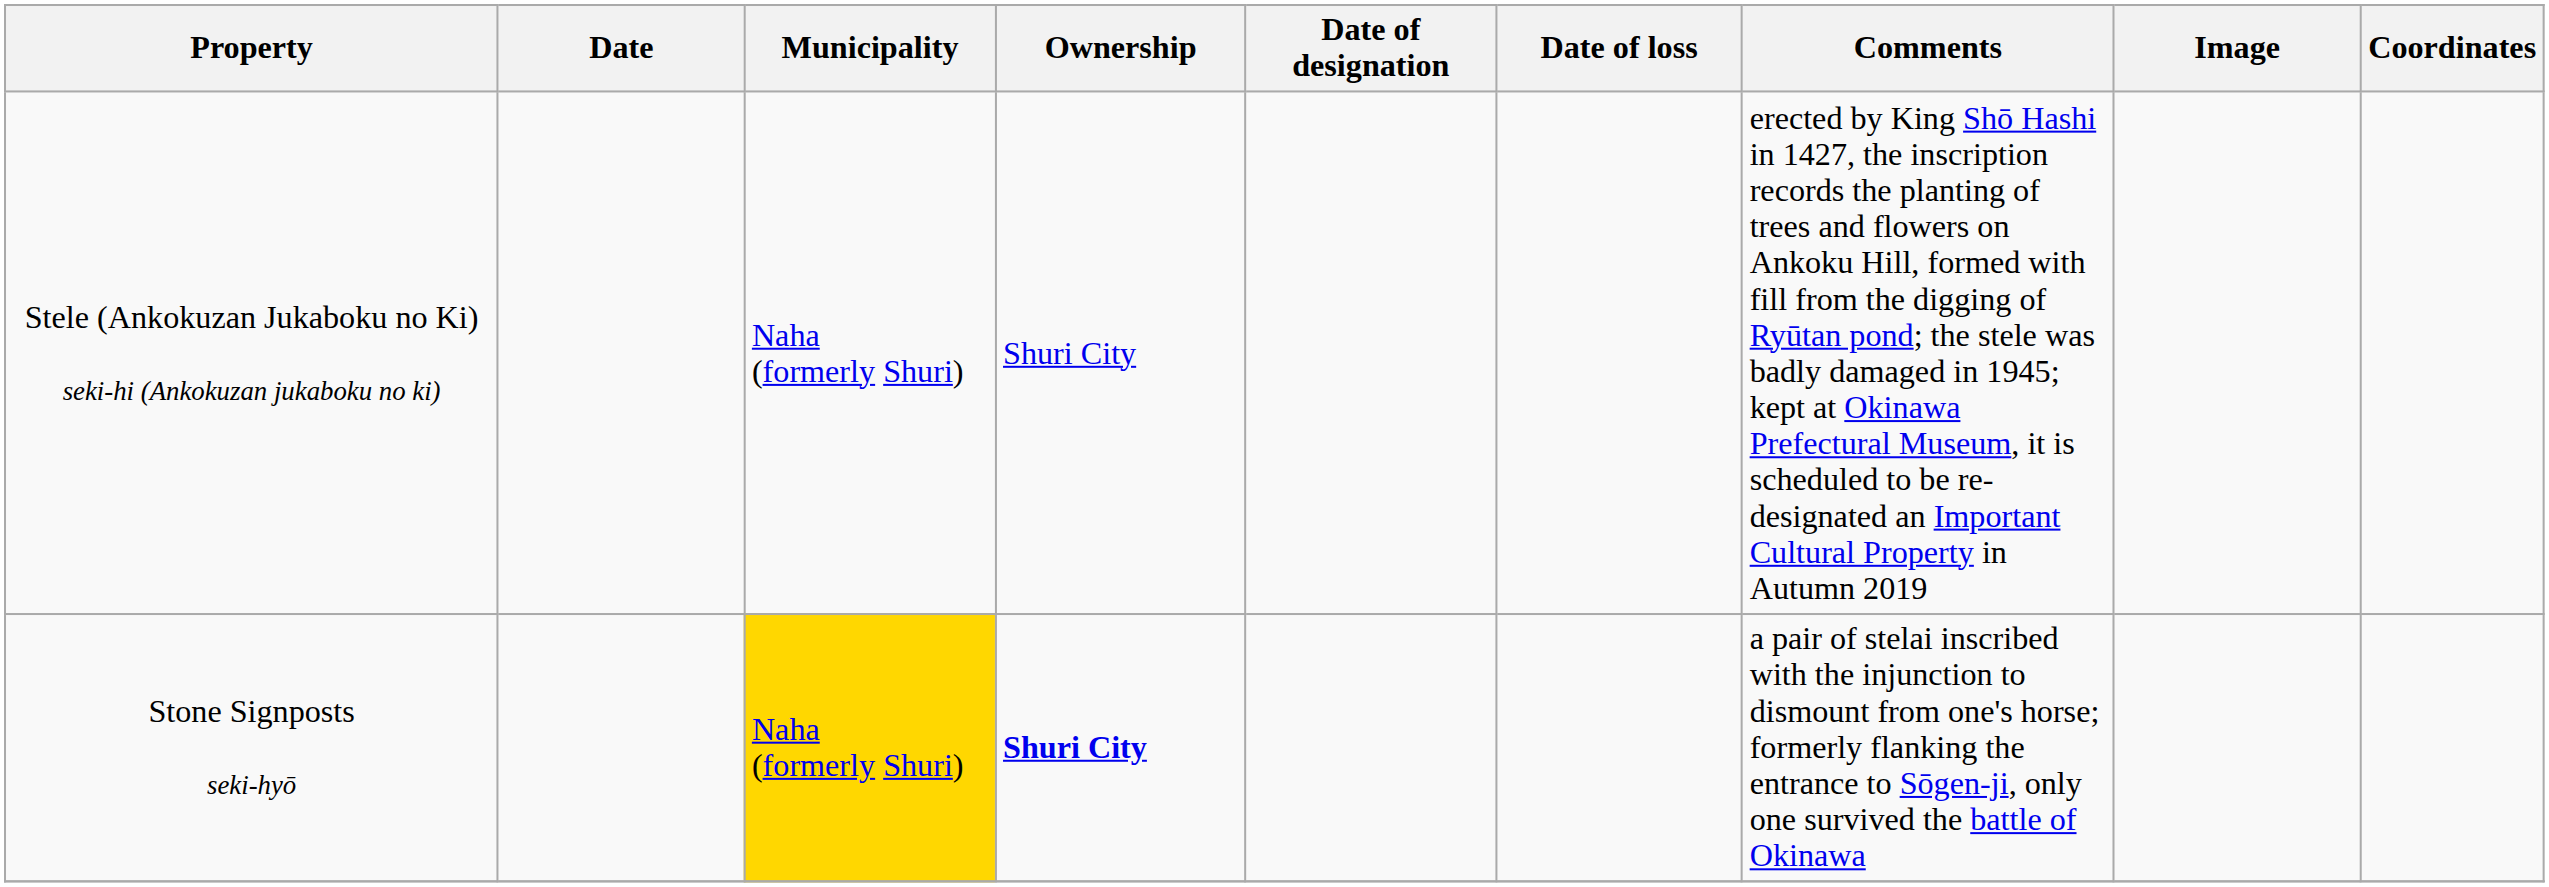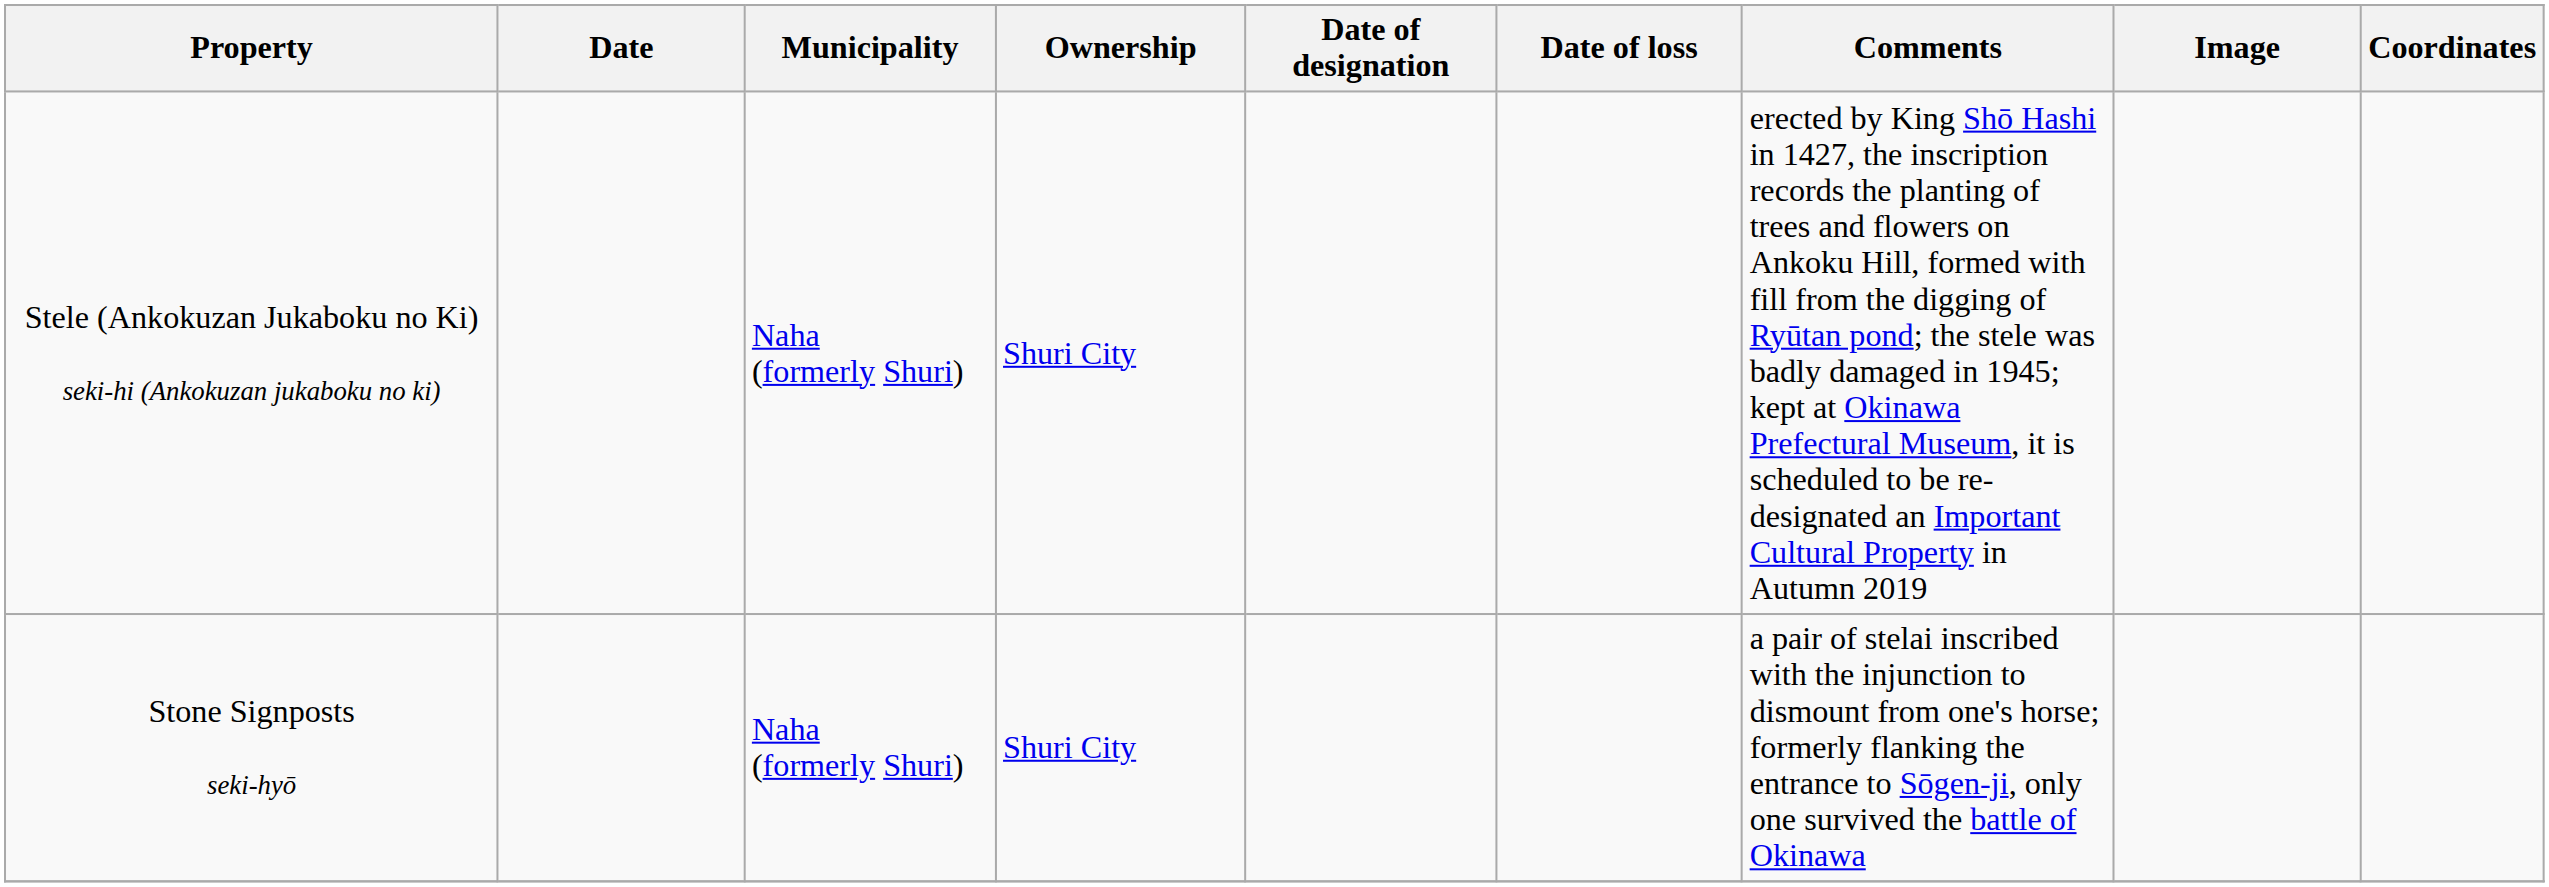 <table class="wikitable sortable"  style="width:100%;">
 <tr>
 <th width="20%" align="left">Property</th>
 <th width="10%" align="left">Date</th>
 <th width="10%" align="left">Municipality</th>
 <th width="10%" align="left">Ownership</th>
 <th width="10%" align="left">Date of designation</th>
 <th width="10%" align="left">Date of loss</th>
 <th width="15%" align="left" class="unsortable">Comments</th>
 <th width="10%" align="left" class="unsortable">Image</th>
 <th width="5%" align="left" class="unsortable">Coordinates</th>
 </tr>
 <tr>
 <td align="center">Stele (Ankokuzan Jukaboku no Ki)<br><br><small><em>seki-hi (Ankokuzan jukaboku no ki)</em></small></td>
 <td></td>
 <td><a href='#'>Naha</a><br>(<a href='#'>formerly</a> <a href='#'>Shuri</a>)</td>
 <td><a href='#'>Shuri City</a></td>
 <td></td>
 <td></td>
 <td>erected by King <a href='#'>Shō Hashi</a> in 1427, the inscription records the planting of trees and flowers on Ankoku Hill, formed with fill from the digging of <a href='#'>Ryūtan pond</a>;  the stele was badly damaged in 1945; kept at <a href='#'>Okinawa Prefectural Museum</a>, it is scheduled to be re-designated an <a href='#'>Important Cultural Property</a> in Autumn 2019</td>
 <td></td>
 <td></td>
 </tr>
 <tr>
 <td align="center">Stone Signposts<br><br><small><em>seki-hyō</em></small></td>
 <td></td>
-<td style="background: gold;"><a href='#'>Naha</a><br>(<a href='#'>formerly</a> <a href='#'>Shuri</a>)</td>
-<td><strong><a href='#'>Shuri City</a></strong></td>
+<td><a href='#'>Naha</a><br>(<a href='#'>formerly</a> <a href='#'>Shuri</a>)</td>
+<td><a href='#'>Shuri City</a></td>
 <td></td>
 <td></td>
 <td>a pair of stelai inscribed with the injunction to dismount from one's horse; formerly flanking the entrance to <a href='#'>Sōgen-ji</a>, only one survived the <a href='#'>battle of Okinawa</a></td>
 <td></td>
 <td></td>
 </tr>
 <tr>
 </tr>
 </table>
